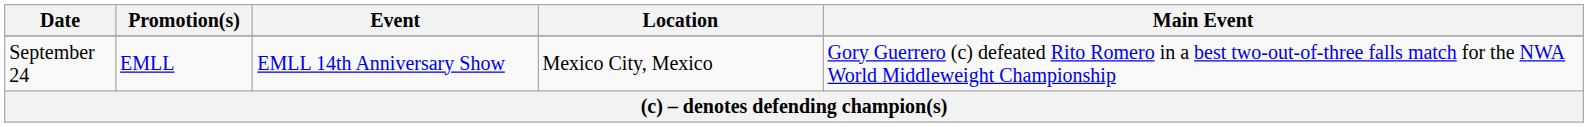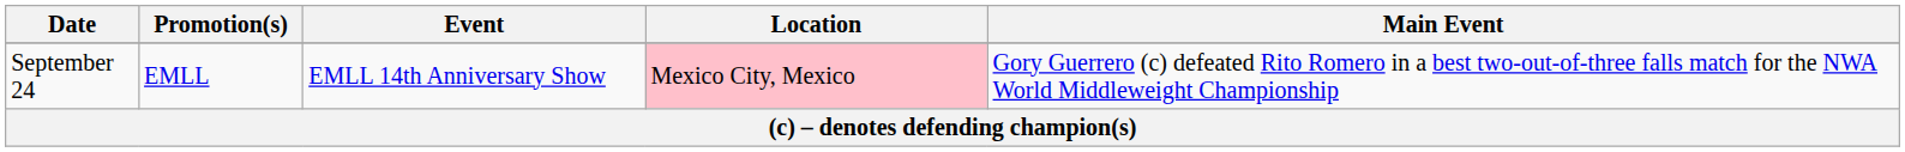 <table class="wikitable" style="width:100%;">
 <tr>
 <th width=5%>Date</th>
 <th width=5%>Promotion(s)</th>
 <th style="width:15%;">Event</th>
 <th style="width:15%;">Location</th>
 <th style="width:40%;">Main Event</th>
 </tr>
 <tr style="width:20%;"| Notes>
 </tr>
 <tr>
 <td>September 24</td>
 <td><a href='#'>EMLL</a></td>
 <td><a href='#'>EMLL 14th Anniversary Show</a></td>
-<td>Mexico City, Mexico</td>
+<td style="background: pink;">Mexico City, Mexico</td>
 <td><a href='#'>Gory Guerrero</a> (c) defeated <a href='#'>Rito Romero</a> in a <a href='#'>best two-out-of-three falls match</a> for the <a href='#'>NWA World Middleweight Championship</a></td>
 </tr>
 <tr>
 <th colspan="5">(c) – denotes defending champion(s)</th>
 </tr>
 </table>
